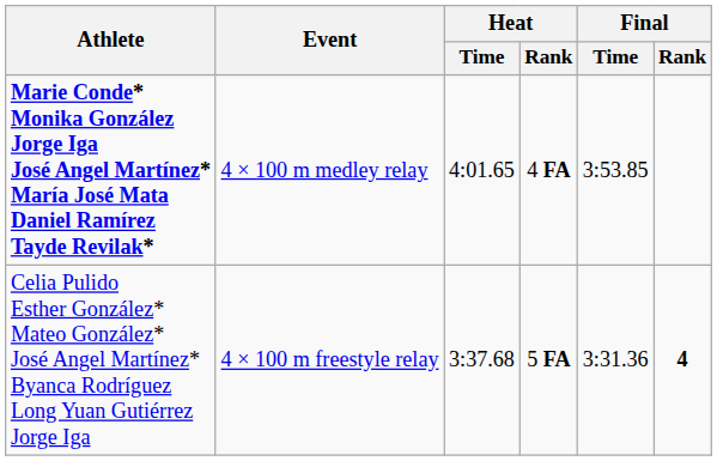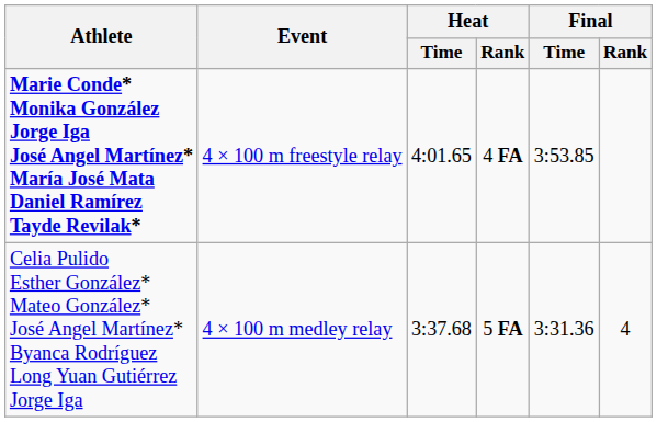 <table class=wikitable style=font-size:90%;text-align:center>
 <tr>
 <th rowspan=2>Athlete</th>
 <th rowspan=2>Event</th>
 <th colspan=2>Heat</th>
 <th colspan=2>Final</th>
 </tr>
 <tr style=font-size:95%>
 <th>Time</th>
 <th>Rank</th>
 <th>Time</th>
 <th>Rank</th>
 </tr>
 <tr>
 <td align=left><strong><a href='#'>Marie Conde</a>*<br><a href='#'>Monika González</a><br><a href='#'>Jorge Iga</a><br><a href='#'>José Angel Martínez</a>*<br><a href='#'>María José Mata</a><br><a href='#'>Daniel Ramírez</a><br><a href='#'>Tayde Revilak</a>*</strong></td>
-<td align=left><a href='#'>4 × 100 m medley relay</a></td>
+<td align=left><a href='#'>4 × 100 m freestyle relay</a></td>
 <td>4:01.65</td>
 <td>4 <strong>FA</strong></td>
 <td>3:53.85</td>
 <td></td>
 </tr>
 <tr>
 <td align=left><a href='#'>Celia Pulido</a><br><a href='#'>Esther González</a>*<br><a href='#'>Mateo González</a>*<br><a href='#'>José Angel Martínez</a>*<br><a href='#'>Byanca Rodríguez</a><br><a href='#'>Long Yuan Gutiérrez</a><br><a href='#'>Jorge Iga</a></td>
-<td align=left><a href='#'>4 × 100 m freestyle relay</a></td>
+<td align=left><a href='#'>4 × 100 m medley relay</a></td>
 <td>3:37.68</td>
 <td>5 <strong>FA</strong></td>
 <td>3:31.36</td>
-<td><strong>4</strong></td>
+<td>4</td>
 </tr>
 </table>
